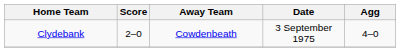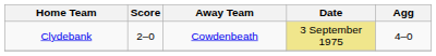 <table class="wikitable" style="text-align:center;">
 <tr>
 <th width=175>Home Team</th>
 <th width=20>Score</th>
 <th width=175>Away Team</th>
 <th width= 125>Date</th>
 <th width= 75>Agg</th>
 </tr>
 <tr>
 <td><a href='#'>Clydebank</a></td>
 <td>2–0</td>
 <td><a href='#'>Cowdenbeath</a></td>
-<td>3 September 1975</td>
+<td style="background: khaki;">3 September 1975</td>
 <td>4–0</td>
 </tr>
 <tr>
 </tr>
 </table>
